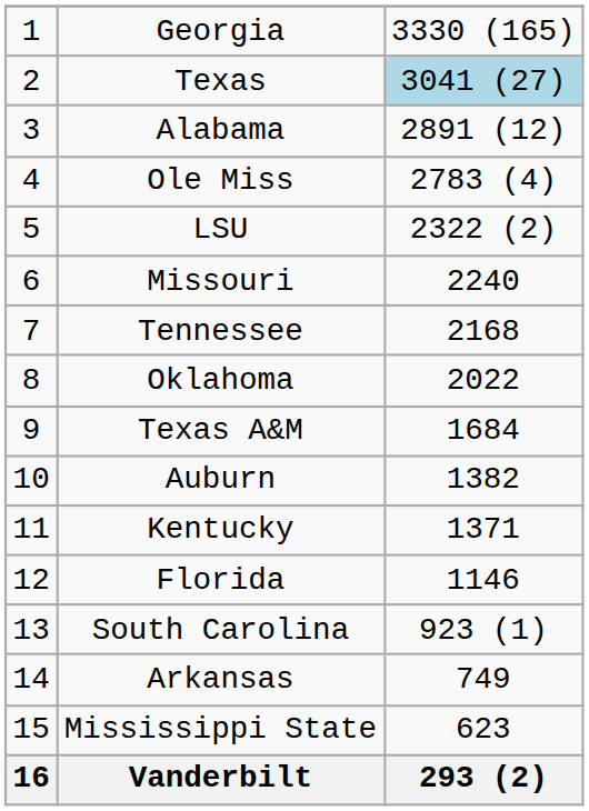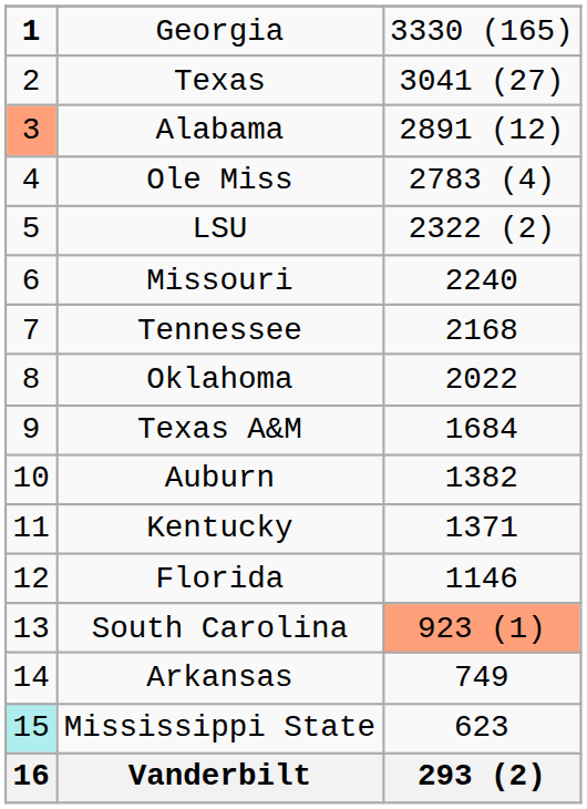 <table class="wikitable" style="display: inline-table;">
 <tr align="center">
 </tr>
 <tr align="center">
-<td>1</td>
+<td><strong>1</strong></td>
 <td>Georgia</td>
 <td>3330 (165)</td>
 </tr>
 <tr align="center">
 <td>2</td>
 <td>Texas</td>
-<td style="background: lightblue;">3041 (27)</td>
+<td>3041 (27)</td>
 </tr>
 <tr align="center">
-<td>3</td>
+<td style="background: lightsalmon;">3</td>
 <td>Alabama</td>
 <td>2891 (12)</td>
 </tr>
 <tr align="center">
 <td>4</td>
 <td>Ole Miss</td>
 <td>2783 (4)</td>
 </tr>
 <tr align="center">
 <td>5</td>
 <td>LSU</td>
 <td>2322 (2)</td>
 </tr>
 <tr align="center">
 <td>6</td>
 <td>Missouri</td>
 <td>2240</td>
 </tr>
 <tr align="center">
 <td>7</td>
 <td>Tennessee</td>
 <td>2168</td>
 </tr>
 <tr align="center">
 <td>8</td>
 <td>Oklahoma</td>
 <td>2022</td>
 </tr>
 <tr align="center">
 <td>9</td>
 <td>Texas A&M</td>
 <td>1684</td>
 </tr>
 <tr align="center">
 <td>10</td>
 <td>Auburn</td>
 <td>1382</td>
 </tr>
 <tr align="center">
 <td>11</td>
 <td>Kentucky</td>
 <td>1371</td>
 </tr>
 <tr align="center">
 <td>12</td>
 <td>Florida</td>
 <td>1146</td>
 </tr>
 <tr align="center">
 <td>13</td>
 <td>South Carolina</td>
-<td>923 (1)</td>
+<td style="background: lightsalmon;">923 (1)</td>
 </tr>
 <tr align="center">
 <td>14</td>
 <td>Arkansas</td>
 <td>749</td>
 </tr>
 <tr align="center">
-<td>15</td>
+<td style="background: paleturquoise;">15</td>
 <td>Mississippi State</td>
 <td>623</td>
 </tr>
 <tr align="center">
 <th style=><strong>16</strong></th>
 <th>Vanderbilt</th>
 <th style=><strong>293 (2)</strong></th>
 </tr>
 </table>
